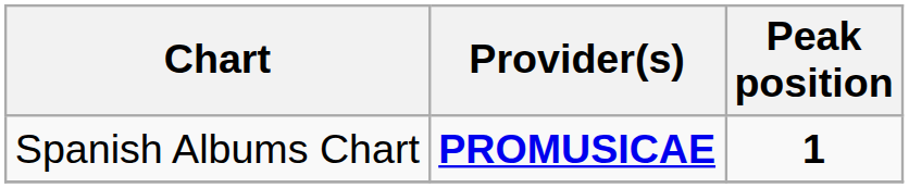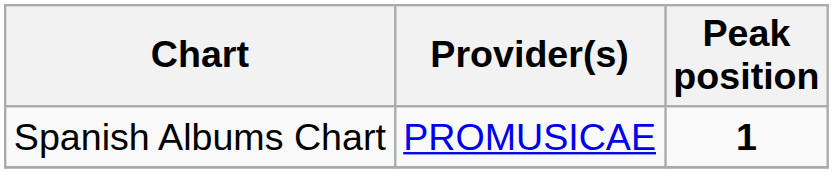 <table class="wikitable">
 <tr>
 <th align="center">Chart</th>
 <th align="center">Provider(s)</th>
 <th align="center">Peak<br>position</th>
 </tr>
 <tr>
 <td>Spanish Albums Chart</td>
-<td align="center"><strong><a href='#'>PROMUSICAE</a></strong></td>
+<td align="center"><a href='#'>PROMUSICAE</a></td>
 <td align="center"><strong>1 </strong></td>
 </tr>
 <tr>
 </tr>
 </table>
